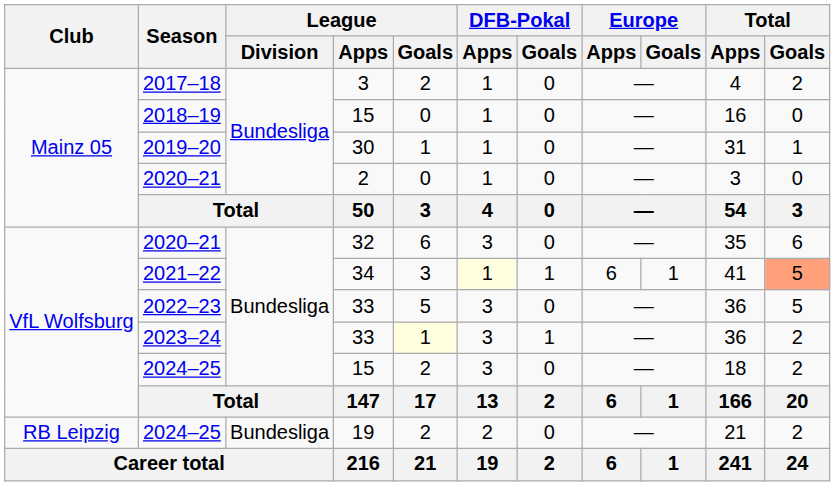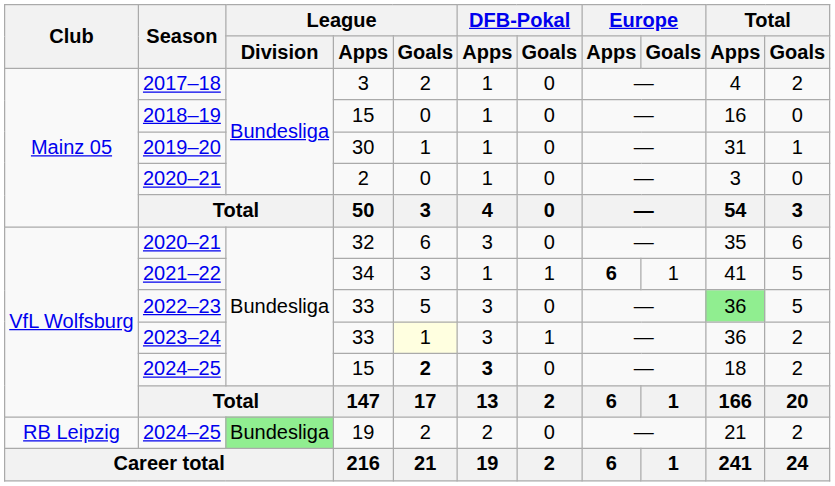 <table class="wikitable" style="text-align: center">
 <tr>
 <th rowspan="2">Club</th>
 <th rowspan="2">Season</th>
 <th colspan="3">League</th>
 <th colspan="2"><a href='#'>DFB-Pokal</a></th>
 <th colspan="2"><a href='#'>Europe</a></th>
 <th colspan="2">Total</th>
 </tr>
 <tr>
 <th>Division</th>
 <th>Apps</th>
 <th>Goals</th>
 <th>Apps</th>
 <th>Goals</th>
 <th>Apps</th>
 <th>Goals</th>
 <th>Apps</th>
 <th>Goals</th>
 </tr>
 <tr>
 <td rowspan="5"><a href='#'>Mainz 05</a></td>
 <td><a href='#'>2017–18</a></td>
 <td rowspan="4"><a href='#'>Bundesliga</a></td>
 <td>3</td>
 <td>2</td>
 <td>1</td>
 <td>0</td>
 <td colspan="2">—</td>
 <td>4</td>
 <td>2</td>
 </tr>
 <tr>
 <td><a href='#'>2018–19</a></td>
 <td>15</td>
 <td>0</td>
 <td>1</td>
 <td>0</td>
 <td colspan="2">—</td>
 <td>16</td>
 <td>0</td>
 </tr>
 <tr>
 <td><a href='#'>2019–20</a></td>
 <td>30</td>
 <td>1</td>
 <td>1</td>
 <td>0</td>
 <td colspan="2">—</td>
 <td>31</td>
 <td>1</td>
 </tr>
 <tr>
 <td><a href='#'>2020–21</a></td>
 <td>2</td>
 <td>0</td>
 <td>1</td>
 <td>0</td>
 <td colspan="2">—</td>
 <td>3</td>
 <td>0</td>
 </tr>
 <tr>
 <th colspan="2">Total</th>
 <th>50</th>
 <th>3</th>
 <th>4</th>
 <th>0</th>
 <th colspan="2">—</th>
 <th>54</th>
 <th>3</th>
 </tr>
 <tr>
 <td rowspan="6"><a href='#'>VfL Wolfsburg</a></td>
 <td><a href='#'>2020–21</a></td>
 <td rowspan="5">Bundesliga</td>
 <td>32</td>
 <td>6</td>
 <td>3</td>
 <td>0</td>
 <td colspan="2">—</td>
 <td>35</td>
 <td>6</td>
 </tr>
 <tr>
 <td><a href='#'>2021–22</a></td>
 <td>34</td>
 <td>3</td>
-<td style="background: lightyellow;">1</td>
 <td>1</td>
-<td>6</td>
+<td>1</td>
+<td><strong>6</strong></td>
 <td>1</td>
 <td>41</td>
-<td style="background: lightsalmon;">5</td>
+<td>5</td>
 </tr>
 <tr>
 <td><a href='#'>2022–23</a></td>
 <td>33</td>
 <td>5</td>
 <td>3</td>
 <td>0</td>
 <td colspan="2">—</td>
-<td>36</td>
+<td style="background: lightgreen;">36</td>
 <td>5</td>
 </tr>
 <tr>
 <td><a href='#'>2023–24</a></td>
 <td>33</td>
 <td style="background: lightyellow;">1</td>
 <td>3</td>
 <td>1</td>
 <td colspan="2">—</td>
 <td>36</td>
 <td>2</td>
 </tr>
 <tr>
 <td><a href='#'>2024–25</a></td>
 <td>15</td>
-<td>2</td>
-<td>3</td>
+<td><strong>2</strong></td>
+<td><strong>3</strong></td>
 <td>0</td>
 <td colspan="2">—</td>
 <td>18</td>
 <td>2</td>
 </tr>
 <tr>
 <th colspan="2">Total</th>
 <th>147</th>
 <th>17</th>
 <th>13</th>
 <th>2</th>
 <th>6</th>
 <th>1</th>
 <th>166</th>
 <th>20</th>
 </tr>
 <tr>
 <td><a href='#'>RB Leipzig</a></td>
 <td><a href='#'>2024–25</a></td>
-<td>Bundesliga</td>
+<td style="background: lightgreen;">Bundesliga</td>
 <td>19</td>
 <td>2</td>
 <td>2</td>
 <td>0</td>
 <td colspan="2">—</td>
 <td>21</td>
 <td>2</td>
 </tr>
 <tr>
 <th colspan="3">Career total</th>
 <th>216</th>
 <th>21</th>
 <th>19</th>
 <th>2</th>
 <th>6</th>
 <th>1</th>
 <th>241</th>
 <th>24</th>
 </tr>
 </table>
